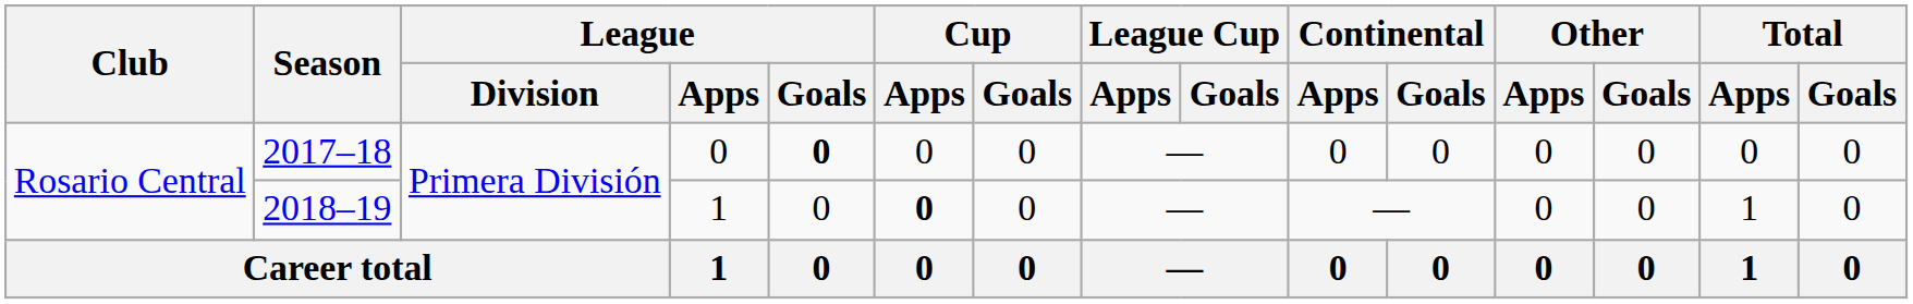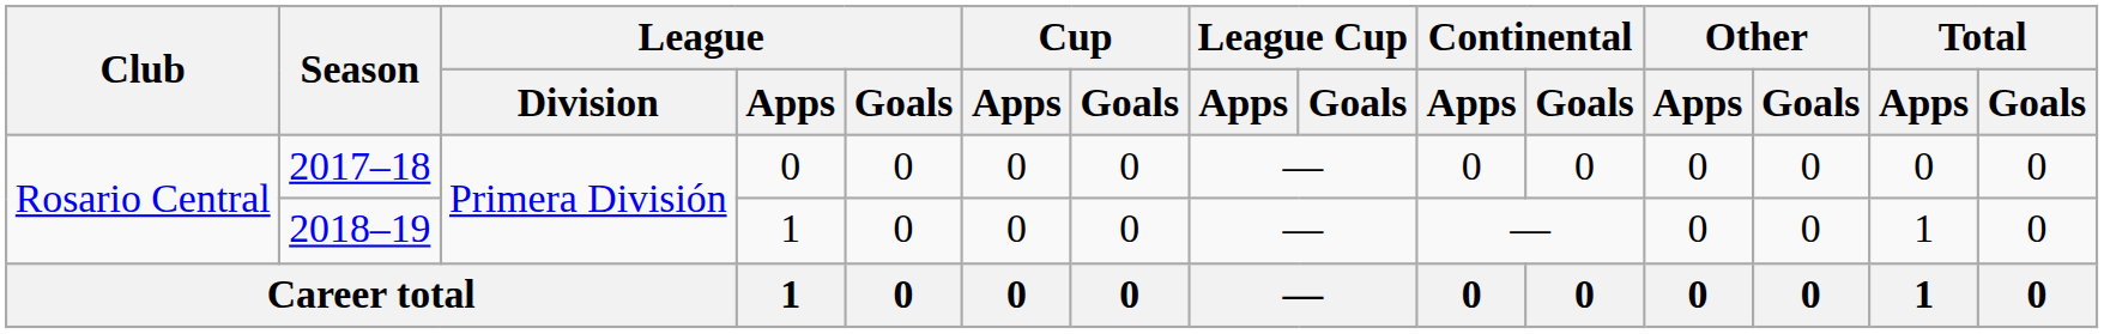 <table class="wikitable" style="text-align:center">
 <tr>
 <th rowspan="2">Club</th>
 <th rowspan="2">Season</th>
 <th colspan="3">League</th>
 <th colspan="2">Cup</th>
 <th colspan="2">League Cup</th>
 <th colspan="2">Continental</th>
 <th colspan="2">Other</th>
 <th colspan="2">Total</th>
 </tr>
 <tr>
 <th>Division</th>
 <th>Apps</th>
 <th>Goals</th>
 <th>Apps</th>
 <th>Goals</th>
 <th>Apps</th>
 <th>Goals</th>
 <th>Apps</th>
 <th>Goals</th>
 <th>Apps</th>
 <th>Goals</th>
 <th>Apps</th>
 <th>Goals</th>
 </tr>
 <tr>
 <td rowspan="2"><a href='#'>Rosario Central</a></td>
 <td><a href='#'>2017–18</a></td>
 <td rowspan="2"><a href='#'>Primera División</a></td>
 <td>0</td>
-<td><strong>0</strong></td>
+<td>0</td>
 <td>0</td>
 <td>0</td>
 <td colspan="2">—</td>
 <td>0</td>
 <td>0</td>
 <td>0</td>
 <td>0</td>
 <td>0</td>
 <td>0</td>
 </tr>
 <tr>
 <td><a href='#'>2018–19</a></td>
 <td>1</td>
 <td>0</td>
-<td><strong>0</strong></td>
+<td>0</td>
 <td>0</td>
 <td colspan="2">—</td>
 <td colspan="2">—</td>
 <td>0</td>
 <td>0</td>
 <td>1</td>
 <td>0</td>
 </tr>
 <tr>
 <th colspan="3">Career total</th>
 <th>1</th>
 <th>0</th>
 <th>0</th>
 <th>0</th>
 <th colspan="2">—</th>
 <th>0</th>
 <th>0</th>
 <th>0</th>
 <th>0</th>
 <th>1</th>
 <th>0</th>
 </tr>
 </table>
